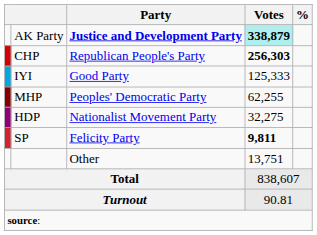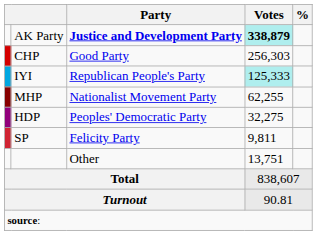 <table class="wikitable">
 <tr>
 <th colspan="2" align="center"></th>
 <th align="center">Party</th>
 <th align="center">Votes</th>
 <th align="center">%</th>
 </tr>
 <tr align="left">
 <td></td>
 <td>AK Party</td>
 <td><strong><a href='#'>Justice and Development Party</a></strong></td>
 <td style="background: paleturquoise;"><strong>338,879</strong></td>
 <td><strong></strong></td>
 </tr>
 <tr align="left">
 <td bgcolor="#d50000" width="1"></td>
 <td>CHP</td>
-<td><a href='#'>Republican People's Party</a></td>
-<td><strong>256,303</strong></td>
+<td><a href='#'>Good Party</a></td>
+<td>256,303</td>
 <td></td>
 </tr>
 <tr align="left">
 <td bgcolor="#01A7E1" width="1"></td>
 <td>IYI</td>
-<td><a href='#'>Good Party</a></td>
-<td>125,333</td>
+<td><a href='#'>Republican People's Party</a></td>
+<td style="background: paleturquoise;">125,333</td>
 <td></td>
 </tr>
 <tr align="left">
 <td bgcolor="#870000" width="1"></td>
 <td>MHP</td>
-<td><a href='#'>Peoples' Democratic Party</a></td>
+<td><a href='#'>Nationalist Movement Party</a></td>
 <td>62,255</td>
 <td></td>
 </tr>
 <tr align="left">
 <td bgcolor="#91007B" width="1"></td>
 <td>HDP</td>
-<td><a href='#'>Nationalist Movement Party</a></td>
+<td><a href='#'>Peoples' Democratic Party</a></td>
 <td>32,275</td>
 <td></td>
 </tr>
 <tr align="left">
 <td bgcolor="#D02433" width="1"></td>
 <td>SP</td>
 <td><a href='#'>Felicity Party</a></td>
-<td><strong>9,811</strong></td>
+<td>9,811</td>
 <td></td>
 </tr>
 <tr align="left">
 <td bgcolor="" width="1"></td>
 <td></td>
 <td>Other</td>
 <td>13,751</td>
 <td></td>
 </tr>
 <tr align="left" style="background-color:#E9E9E9">
 <th colspan="3" align="center"><strong>Total</strong></th>
 <td colspan="5" align="center">838,607</td>
 </tr>
 <tr align="left" style="background-color:#E9E9E9">
 <th colspan="3" align="center"><em>Turnout</em></th>
 <td colspan="5" align="center">90.81</td>
 </tr>
 <tr>
 <td colspan="9" align="left"><small><strong>source</strong>: </small></td>
 </tr>
 </table>
